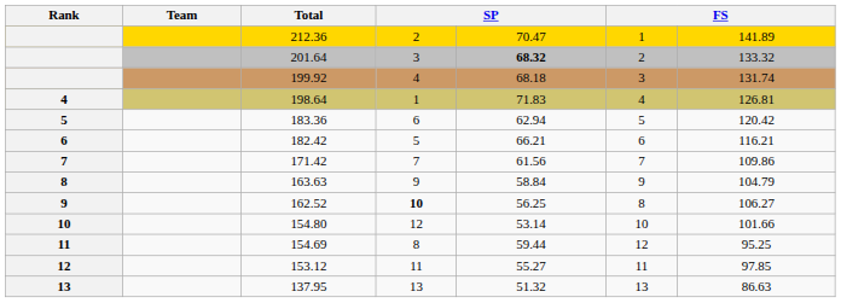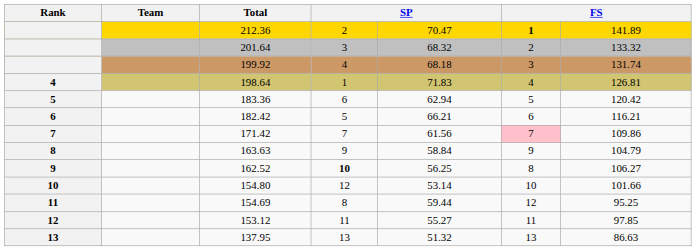 <table class="wikitable sortable" style="text-align:left; width:80%">
 <tr>
 <th scope="col">Rank</th>
 <th scope="col">Team</th>
 <th scope="col">Total</th>
 <th colspan="2" scope="col" width="80px"><a href='#'>SP</a></th>
 <th colspan="2" scope="col" width="80px"><a href='#'>FS</a></th>
 </tr>
 <tr bgcolor="gold">
 <th scope="row"></th>
 <td></td>
 <td align="center">212.36</td>
 <td align="center">2</td>
 <td align="center">70.47</td>
-<td align="center">1</td>
+<td align="center"><strong>1</strong></td>
 <td align="center">141.89</td>
 </tr>
 <tr bgcolor="silver">
 <th scope="row"></th>
 <td></td>
 <td align="center">201.64</td>
 <td align="center">3</td>
-<td align="center"><strong>68.32</strong></td>
+<td align="center">68.32</td>
 <td align="center">2</td>
 <td align="center">133.32</td>
 </tr>
 <tr bgcolor="cc9966">
 <th scope="row"></th>
 <td></td>
 <td align="center">199.92</td>
 <td align="center">4</td>
 <td align="center">68.18</td>
 <td align="center">3</td>
 <td align="center">131.74</td>
 </tr>
 <tr bgcolor="#d1c571">
 <th scope="row">4</th>
 <td></td>
 <td align="center">198.64</td>
 <td align="center">1</td>
 <td align="center">71.83</td>
 <td align="center">4</td>
 <td align="center">126.81</td>
 </tr>
 <tr>
 <th>5</th>
 <td></td>
 <td align="center">183.36</td>
 <td align="center">6</td>
 <td align="center">62.94</td>
 <td align="center">5</td>
 <td align="center">120.42</td>
 </tr>
 <tr>
 <th>6</th>
 <td></td>
 <td align="center">182.42</td>
 <td align="center">5</td>
 <td align="center">66.21</td>
 <td align="center">6</td>
 <td align="center">116.21</td>
 </tr>
 <tr>
 <th>7</th>
 <td></td>
 <td align="center">171.42</td>
 <td align="center">7</td>
 <td align="center">61.56</td>
-<td align="center">7</td>
+<td align="center" style="background: pink;">7</td>
 <td align="center">109.86</td>
 </tr>
 <tr>
 <th>8</th>
 <td></td>
 <td align="center">163.63</td>
 <td align="center">9</td>
 <td align="center">58.84</td>
 <td align="center">9</td>
 <td align="center">104.79</td>
 </tr>
 <tr>
 <th>9</th>
 <td></td>
 <td align="center">162.52</td>
 <td align="center"><strong>10</strong></td>
 <td align="center">56.25</td>
 <td align="center">8</td>
 <td align="center">106.27</td>
 </tr>
 <tr>
 <th>10</th>
 <td></td>
 <td align="center">154.80</td>
 <td align="center">12</td>
 <td align="center">53.14</td>
 <td align="center">10</td>
 <td align="center">101.66</td>
 </tr>
 <tr>
 <th>11</th>
 <td></td>
 <td align="center">154.69</td>
 <td align="center">8</td>
 <td align="center">59.44</td>
 <td align="center">12</td>
 <td align="center">95.25</td>
 </tr>
 <tr>
 <th>12</th>
 <td></td>
 <td align="center">153.12</td>
 <td align="center">11</td>
 <td align="center">55.27</td>
 <td align="center">11</td>
 <td align="center">97.85</td>
 </tr>
 <tr>
 <th>13</th>
 <td></td>
 <td align="center">137.95</td>
 <td align="center">13</td>
 <td align="center">51.32</td>
 <td align="center">13</td>
 <td align="center">86.63</td>
 </tr>
 </table>
